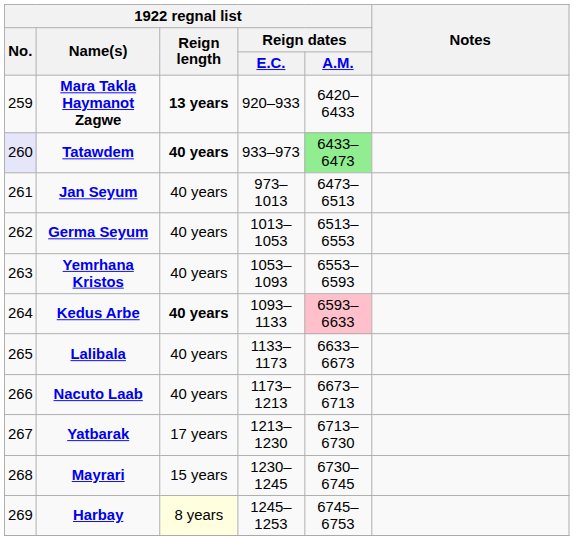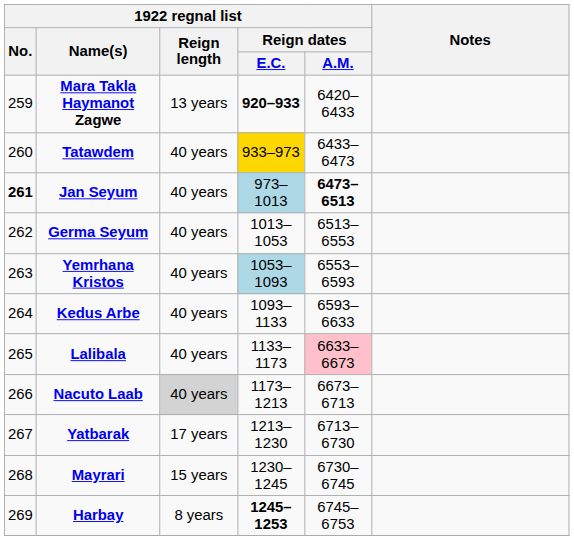 <table class="wikitable" style="text-align:center;">
 <tr>
 <th colspan="5">1922 regnal list</th>
 <th rowspan="3" width="35%">Notes</th>
 </tr>
 <tr>
 <th rowspan="2">No.<br></th>
 <th rowspan="2">Name(s)<br></th>
 <th rowspan="2">Reign length<br></th>
 <th colspan="2">Reign dates</th>
 </tr>
 <tr>
 <th><a href='#'>E.C.</a></th>
 <th><a href='#'>A.M.</a></th>
 </tr>
 <tr>
 <td>259</td>
 <td><strong><a href='#'>Mara Takla Haymanot</a></strong><br><strong>Zagwe</strong></td>
-<td><strong>13 years</strong></td>
-<td>920–933</td>
+<td>13 years</td>
+<td><strong>920–933</strong></td>
 <td>6420–6433</td>
 <td><br></td>
 </tr>
 <tr>
-<td style="background: lavender;">260</td>
+<td>260</td>
 <td><strong><a href='#'>Tatawdem</a></strong></td>
-<td><strong>40 years</strong></td>
-<td>933–973</td>
-<td style="background: lightgreen;">6433–6473</td>
+<td>40 years</td>
+<td style="background: gold;">933–973</td>
+<td>6433–6473</td>
 <td><br></td>
 </tr>
 <tr>
-<td>261</td>
+<td><strong>261</strong></td>
 <td><strong><a href='#'>Jan Seyum</a></strong></td>
 <td>40 years</td>
-<td>973–1013</td>
-<td>6473–6513</td>
+<td style="background: lightblue;">973–1013</td>
+<td><strong>6473–6513</strong></td>
 <td><br></td>
 </tr>
 <tr>
 <td>262</td>
 <td><strong><a href='#'>Germa Seyum</a></strong></td>
 <td>40 years</td>
 <td>1013–1053</td>
 <td>6513–6553</td>
 <td><br></td>
 </tr>
 <tr>
 <td>263</td>
 <td><strong><a href='#'>Yemrhana Kristos</a></strong></td>
 <td>40 years</td>
-<td>1053–1093</td>
+<td style="background: lightblue;">1053–1093</td>
 <td>6553–6593</td>
 <td><br></td>
 </tr>
 <tr>
 <td>264</td>
 <td><strong><a href='#'>Kedus Arbe</a></strong></td>
-<td><strong>40 years</strong></td>
+<td>40 years</td>
 <td>1093–1133</td>
-<td style="background: pink;">6593–6633</td>
+<td>6593–6633</td>
 <td><br></td>
 </tr>
 <tr>
 <td>265</td>
 <td><strong><a href='#'>Lalibala</a></strong></td>
 <td>40 years</td>
 <td>1133–1173</td>
-<td>6633–6673</td>
+<td style="background: pink;">6633–6673</td>
 <td><br></td>
 </tr>
 <tr>
 <td>266</td>
 <td><strong><a href='#'>Nacuto Laab</a></strong></td>
-<td>40 years</td>
+<td style="background: lightgrey;">40 years</td>
 <td>1173–1213</td>
 <td>6673–6713</td>
 <td><br></td>
 </tr>
 <tr>
 <td>267</td>
 <td><strong><a href='#'>Yatbarak</a></strong></td>
 <td>17 years</td>
 <td>1213–1230</td>
 <td>6713–6730</td>
 <td><br></td>
 </tr>
 <tr>
 <td>268</td>
 <td><strong><a href='#'>Mayrari</a></strong></td>
 <td>15 years</td>
 <td>1230–1245</td>
 <td>6730–6745</td>
 <td><br></td>
 </tr>
 <tr>
 <td>269</td>
 <td><strong><a href='#'>Harbay</a></strong></td>
-<td style="background: lightyellow;">8 years</td>
-<td>1245–1253</td>
+<td>8 years</td>
+<td><strong>1245–1253</strong></td>
 <td>6745–6753</td>
 <td><br></td>
 </tr>
 <tr>
 </tr>
 </table>
